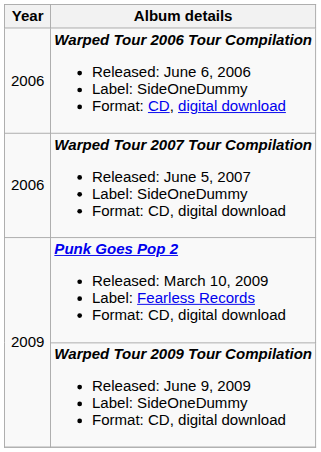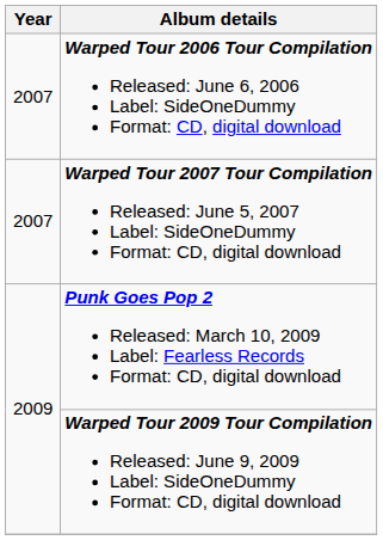 <table class="wikitable" style="text-align:center;">
 <tr>
 <th width="42">Year</th>
 <th rowspan="1">Album details</th>
 </tr>
 <tr>
-<td>2006</td>
+<td>2007</td>
 <td align="left"><strong><em>Warped Tour 2006 Tour Compilation</em></strong><br><ul><li>Released: June 6, 2006</li><li>Label: SideOneDummy</li><li>Format: <a href='#'>CD</a>, <a href='#'>digital download</a></li></ul></td>
 </tr>
 <tr>
-<td>2006</td>
+<td>2007</td>
 <td align="left"><strong><em>Warped Tour 2007 Tour Compilation</em></strong><br><ul><li>Released: June 5, 2007</li><li>Label: SideOneDummy</li><li>Format: CD, digital download</li></ul></td>
 </tr>
 <tr>
 <td rowspan="2">2009</td>
 <td align="left"><strong><em><a href='#'>Punk Goes Pop 2</a></em></strong><br><ul><li>Released: March 10, 2009</li><li>Label: <a href='#'>Fearless Records</a></li><li>Format: CD, digital download</li></ul></td>
 </tr>
 <tr>
 <td align="left"><strong><em>Warped Tour 2009 Tour Compilation</em></strong><br><ul><li>Released: June 9, 2009</li><li>Label: SideOneDummy</li><li>Format: CD, digital download</li></ul></td>
 </tr>
 <tr>
 </tr>
 </table>
